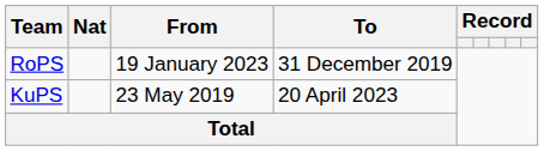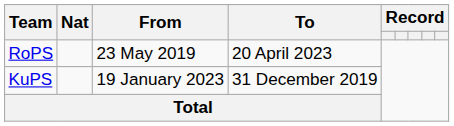 <table class="wikitable" style="text-align: center">
 <tr>
 <th rowspan=2>Team</th>
 <th rowspan=2>Nat</th>
 <th rowspan=2>From</th>
 <th rowspan=2>To</th>
 <th colspan=8>Record</th>
 </tr>
 <tr>
 <th></th>
 <th></th>
 <th></th>
 <th></th>
 <th></th>
 </tr>
 <tr>
 <td align=left><a href='#'>RoPS</a></td>
 <td></td>
-<td align=left>19 January 2023</td>
-<td align=left>31 December 2019<br></td>
+<td align=left>23 May 2019</td>
+<td align=left>20 April 2023<br></td>
 </tr>
 <tr>
 <td align=left><a href='#'>KuPS</a></td>
 <td></td>
-<td align=left>23 May 2019</td>
-<td align=left>20 April 2023<br></td>
+<td align=left>19 January 2023</td>
+<td align=left>31 December 2019<br></td>
 </tr>
 <tr>
 <th colspan=4>Total<br></th>
 </tr>
 </table>
